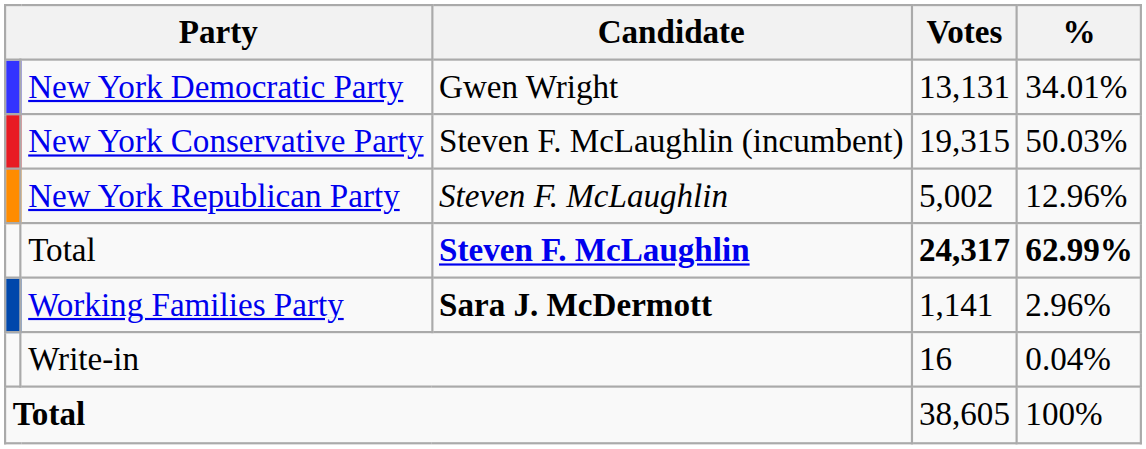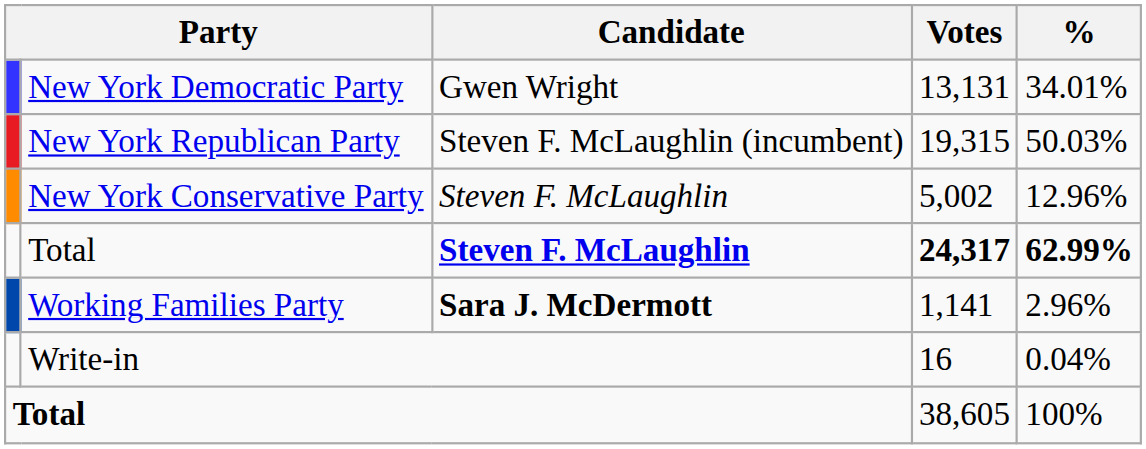 <table class="wikitable" style="font-size: 95%">
 <tr>
 <th colspan="2">Party</th>
 <th>Candidate</th>
 <th>Votes</th>
 <th>%</th>
 </tr>
 <tr>
 <td bgcolor="#3333FF"></td>
 <td><a href='#'>New York Democratic Party</a></td>
 <td>Gwen Wright</td>
 <td>13,131</td>
 <td>34.01%</td>
 </tr>
 <tr>
 <td bgcolor="#E81B23"></td>
-<td><a href='#'>New York Conservative Party</a></td>
+<td><a href='#'>New York Republican Party</a></td>
 <td>Steven F. McLaughlin (incumbent)</td>
 <td>19,315</td>
 <td>50.03%</td>
 </tr>
 <tr>
 <td bgcolor="#FF8C00"></td>
-<td><a href='#'>New York Republican Party</a></td>
+<td><a href='#'>New York Conservative Party</a></td>
 <td><em>Steven F. McLaughlin</em></td>
 <td>5,002</td>
 <td>12.96%</td>
 </tr>
 <tr>
 <td></td>
 <td>Total</td>
 <td><strong><a href='#'>Steven F. McLaughlin</a></strong></td>
 <td><strong>24,317</strong></td>
 <td><strong>62.99%</strong></td>
 </tr>
 <tr>
 <td bgcolor="#0047AB"></td>
 <td><a href='#'>Working Families Party</a></td>
 <td><strong>Sara J. McDermott</strong></td>
 <td>1,141</td>
 <td>2.96%</td>
 </tr>
 <tr>
 <td></td>
 <td colspan="2">Write-in</td>
 <td>16</td>
 <td>0.04%</td>
 </tr>
 <tr>
 <td colspan="3"><strong>Total</strong></td>
 <td>38,605</td>
 <td>100%</td>
 </tr>
 </table>
